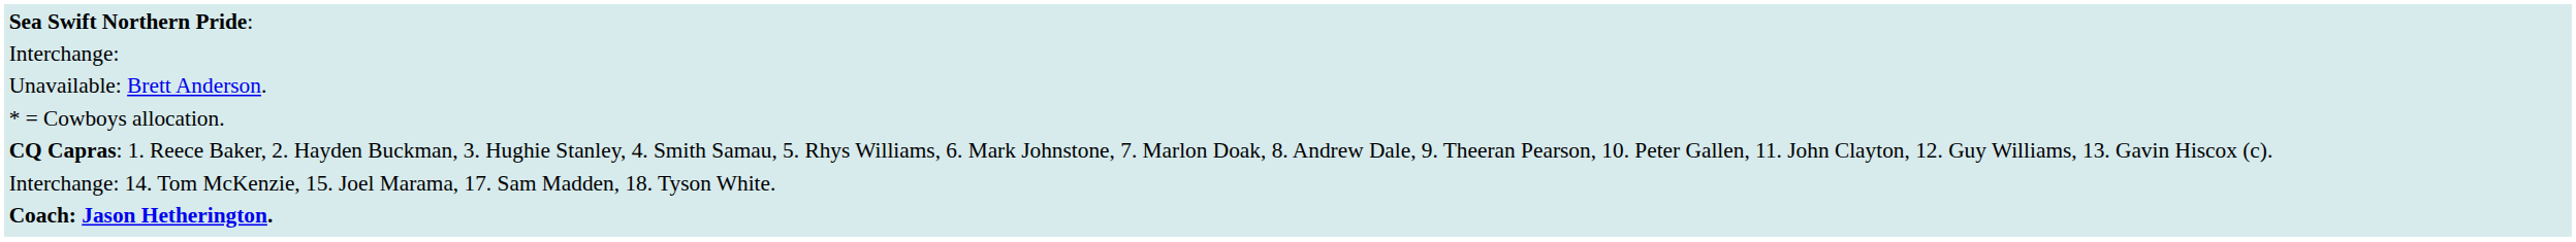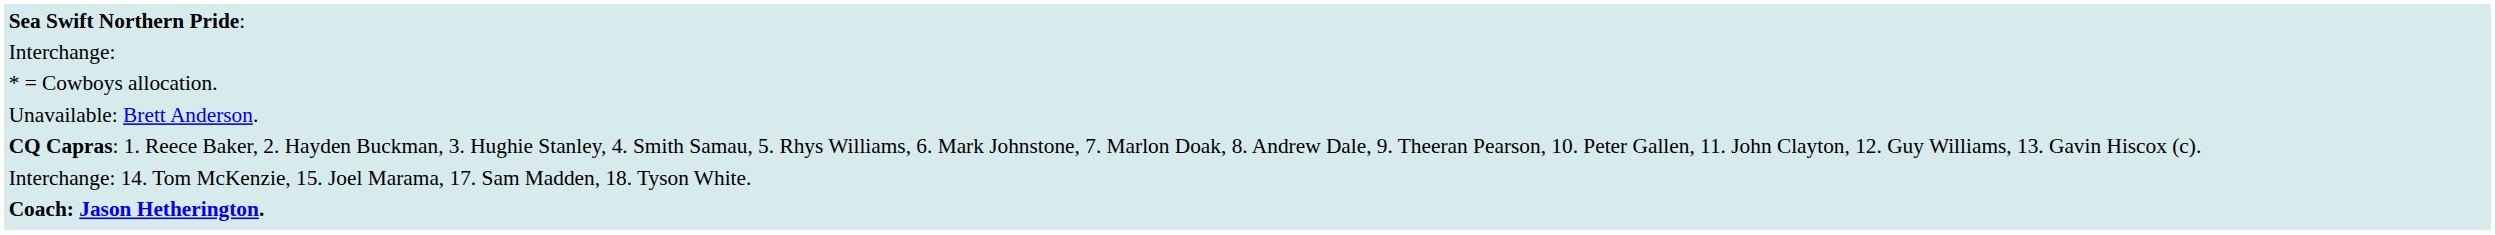 <table style="background:#d7ebed; font-size:85%; width:100%;">
 <tr>
 <td><strong>Sea Swift Northern Pride</strong>:             </td>
 </tr>
 <tr>
 <td>Interchange:    </td>
 </tr>
 <tr>
-<td>Unavailable: <a href='#'>Brett Anderson</a>.</td>
+<td>* = Cowboys allocation.</td>
 </tr>
 <tr>
-<td>* = Cowboys allocation.</td>
+<td>Unavailable: <a href='#'>Brett Anderson</a>.</td>
 </tr>
 <tr>
 <td><strong>CQ Capras</strong>: 1. Reece Baker, 2. Hayden Buckman, 3. Hughie Stanley, 4. Smith Samau, 5. Rhys Williams, 6. Mark Johnstone, 7. Marlon Doak, 8. Andrew Dale, 9. Theeran Pearson, 10. Peter Gallen, 11. John Clayton, 12. Guy Williams, 13. Gavin Hiscox (c).</td>
 </tr>
 <tr>
 <td>Interchange: 14. Tom McKenzie, 15. Joel Marama, 17. Sam Madden, 18. Tyson White.</td>
 </tr>
 <tr>
 <td><strong>Coach: <a href='#'>Jason Hetherington</a>.</strong></td>
 </tr>
 <tr>
 </tr>
 </table>
